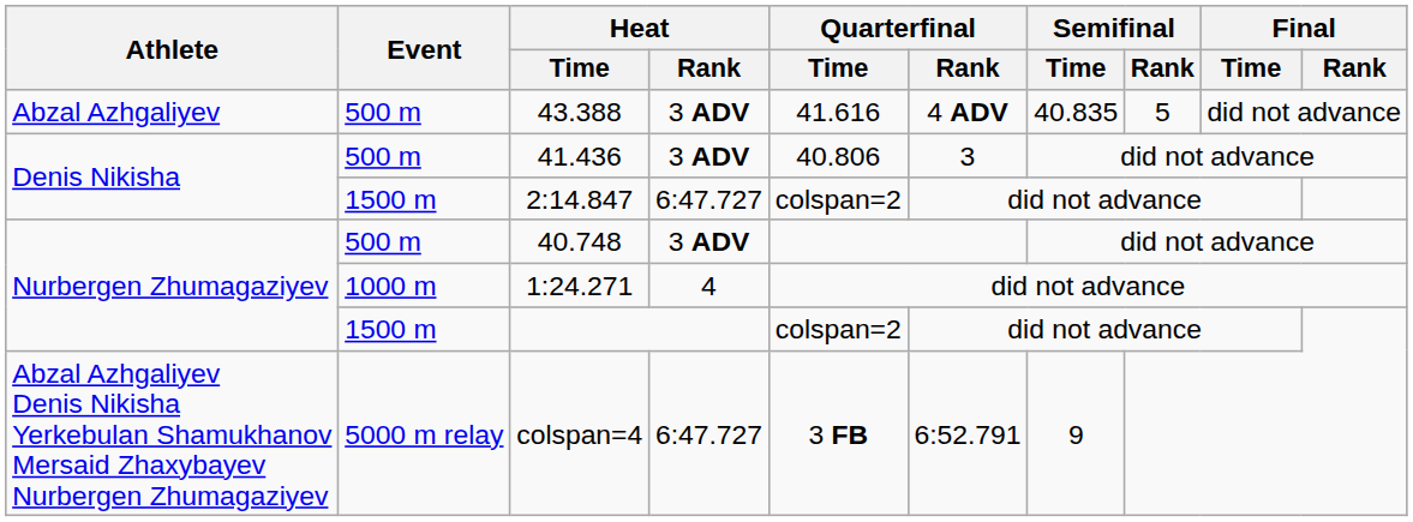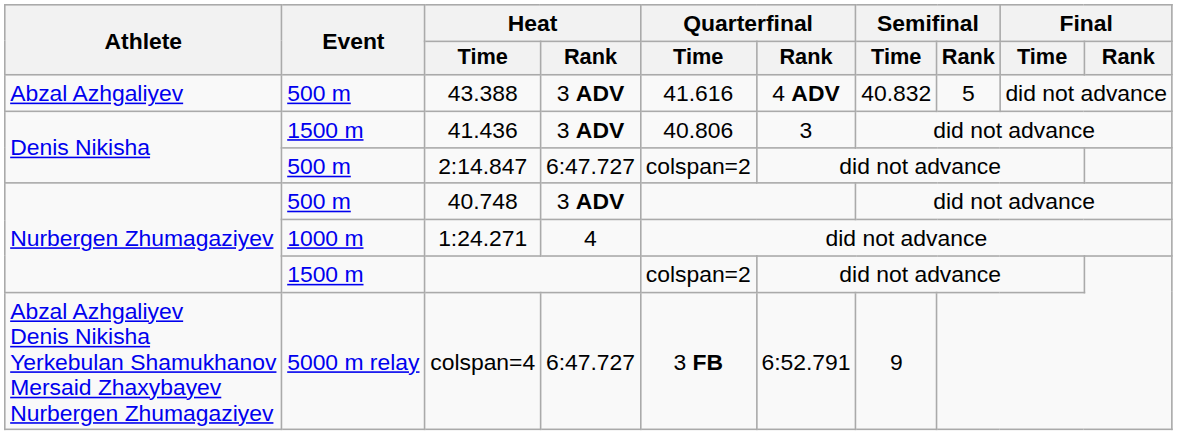 <table class="wikitable" style="font-size:90%">
 <tr>
 <th rowspan=2>Athlete</th>
 <th rowspan=2>Event</th>
 <th colspan=2>Heat</th>
 <th colspan=2>Quarterfinal</th>
 <th colspan=2>Semifinal</th>
 <th colspan=2>Final</th>
 </tr>
 <tr style="font-size:95%">
 <th>Time</th>
 <th>Rank</th>
 <th>Time</th>
 <th>Rank</th>
 <th>Time</th>
 <th>Rank</th>
 <th>Time</th>
 <th>Rank</th>
 </tr>
 <tr align=center>
 <td align="left"><a href='#'>Abzal Azhgaliyev</a></td>
 <td align="left"><a href='#'>500 m</a></td>
 <td>43.388</td>
 <td>3 <strong>ADV</strong></td>
 <td>41.616</td>
 <td>4 <strong>ADV</strong></td>
-<td>40.835</td>
+<td>40.832</td>
 <td>5</td>
 <td colspan=2>did not advance</td>
 </tr>
 <tr align=center>
 <td align=left rowspan="2"><a href='#'>Denis Nikisha</a></td>
-<td align=left><a href='#'>500 m</a></td>
+<td align="left"><a href='#'>1500 m</a></td>
 <td>41.436</td>
 <td>3 <strong>ADV</strong></td>
 <td>40.806</td>
 <td>3</td>
 <td colspan=4>did not advance</td>
 </tr>
 <tr align=center>
-<td align="left"><a href='#'>1500 m</a></td>
+<td align=left><a href='#'>500 m</a></td>
 <td>2:14.847</td>
 <td>6:47.727</td>
 <td>colspan=2 </td>
 <td colspan=4>did not advance</td>
 </tr>
 <tr align=center>
 <td align=left rowspan=3><a href='#'>Nurbergen Zhumagaziyev</a></td>
 <td align=left><a href='#'>500 m</a></td>
 <td>40.748</td>
 <td>3 <strong>ADV</strong></td>
 <td colspan=2></td>
 <td colspan=4>did not advance</td>
 </tr>
 <tr align=center>
 <td align=left><a href='#'>1000 m</a></td>
 <td>1:24.271</td>
 <td>4</td>
 <td colspan=6>did not advance</td>
 </tr>
 <tr align=center>
 <td align=left><a href='#'>1500 m</a></td>
 <td colspan=2></td>
 <td>colspan=2 </td>
 <td colspan=4>did not advance</td>
 </tr>
 <tr align=center>
 <td align=left><a href='#'>Abzal Azhgaliyev</a><br><a href='#'>Denis Nikisha</a><br><a href='#'>Yerkebulan Shamukhanov</a><br><a href='#'>Mersaid Zhaxybayev</a><br><a href='#'>Nurbergen Zhumagaziyev</a></td>
 <td align=left><a href='#'>5000 m relay</a></td>
 <td>colspan=4 </td>
 <td>6:47.727</td>
 <td>3 <strong>FB</strong></td>
 <td>6:52.791</td>
 <td>9</td>
 </tr>
 </table>
